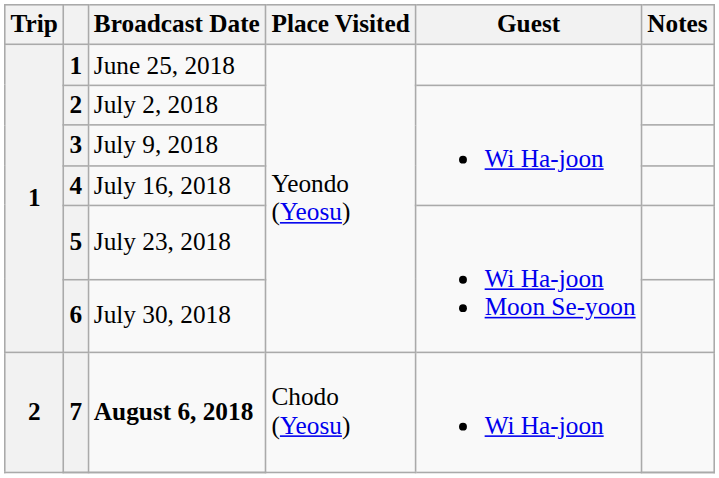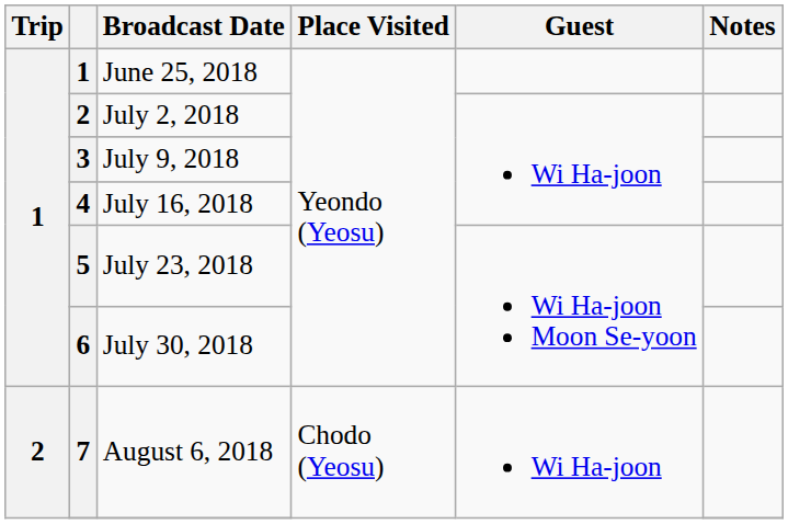 <table class="wikitable" ;font-size: 90%">
 <tr>
 <th>Trip</th>
 <th></th>
 <th>Broadcast Date</th>
 <th>Place Visited</th>
 <th>Guest</th>
 <th>Notes</th>
 </tr>
 <tr>
 <th rowspan=6>1</th>
 <th>1</th>
 <td>June 25, 2018</td>
 <td rowspan=6>Yeondo<br>(<a href='#'>Yeosu</a>)</td>
 <td></td>
 <td></td>
 </tr>
 <tr>
 <th>2</th>
 <td>July 2, 2018</td>
 <td rowspan=3><br><ul><li><a href='#'>Wi Ha-joon</a></li></ul></td>
 <td></td>
 </tr>
 <tr>
 <th>3</th>
 <td>July 9, 2018</td>
 <td></td>
 </tr>
 <tr>
 <th>4</th>
 <td>July 16, 2018</td>
 <td></td>
 </tr>
 <tr>
 <th>5</th>
 <td>July 23, 2018</td>
 <td rowspan=2><br><ul><li><a href='#'>Wi Ha-joon</a></li><li><a href='#'>Moon Se-yoon</a></li></ul></td>
 <td></td>
 </tr>
 <tr>
 <th>6</th>
 <td>July 30, 2018</td>
 <td></td>
 </tr>
 <tr>
 <th rowspan=2>2</th>
 <th>7</th>
-<td><strong>August 6, 2018</strong></td>
+<td>August 6, 2018</td>
 <td rowspan=2>Chodo<br>(<a href='#'>Yeosu</a>)</td>
 <td rowspan=2><br><ul><li><a href='#'>Wi Ha-joon</a></li></ul></td>
 <td></td>
 </tr>
 <tr>
 </tr>
 </table>
